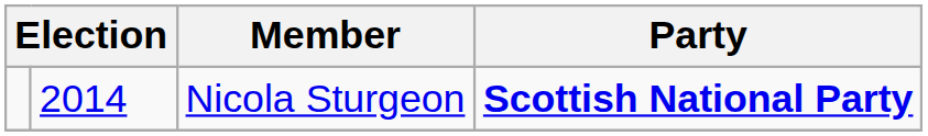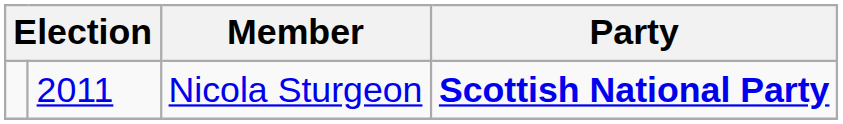 <table class="wikitable">
 <tr>
 <th colspan="2">Election</th>
 <th>Member</th>
 <th>Party</th>
 </tr>
 <tr>
 <td style="background-color: "></td>
-<td><a href='#'>2014</a></td>
+<td><a href='#'>2011</a></td>
 <td><a href='#'>Nicola Sturgeon</a></td>
 <td><strong><a href='#'>Scottish National Party</a></strong></td>
 </tr>
 <tr>
 </tr>
 </table>
